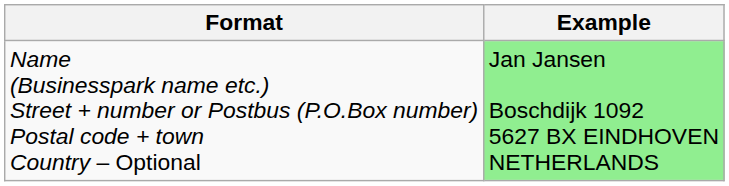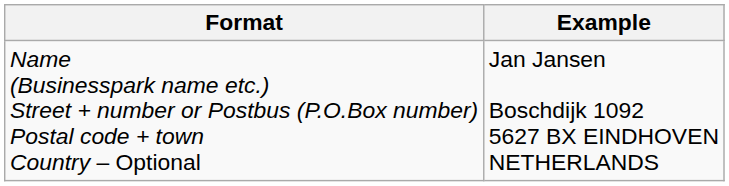 <table class="wikitable">
 <tr>
 <th>Format</th>
 <th>Example</th>
 </tr>
 <tr>
 <td><em>Name<br>(Businesspark name etc.)</em><br><em>Street + number or Postbus (P.O.Box number)</em><br><em>Postal code + town</em><br><em>Country</em> – Optional</td>
-<td style="background: lightgreen;">Jan Jansen<br><br>Boschdijk 1092<br>5627 BX EINDHOVEN<br>NETHERLANDS</td>
+<td>Jan Jansen<br><br>Boschdijk 1092<br>5627 BX EINDHOVEN<br>NETHERLANDS</td>
 </tr>
 </table>
